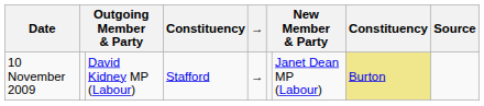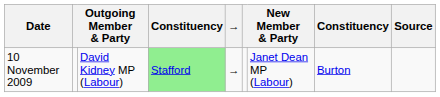 <table class="wikitable">
 <tr>
 <th colspan="1">Date</th>
 <th colspan="2">Outgoing Member<br>& Party</th>
 <th colspan="1">Constituency</th>
 <th colspan="1">→</th>
 <th colspan="2">New Member<br>& Party</th>
 <th colspan="1">Constituency</th>
 <th colspan="1">Source</th>
 </tr>
 <tr>
 <td>10 November 2009</td>
 <td style="color:inherit;background:"></td>
 <td><a href='#'>David Kidney</a> MP (<a href='#'>Labour</a>)</td>
-<td><a href='#'>Stafford</a></td>
+<td style="background: lightgreen;"><a href='#'>Stafford</a></td>
 <td>→</td>
 <td style="color:inherit;background:"></td>
 <td><a href='#'>Janet Dean</a> MP (<a href='#'>Labour</a>)</td>
-<td style="background: khaki;"><a href='#'>Burton</a></td>
+<td><a href='#'>Burton</a></td>
 <td></td>
 </tr>
 </table>
